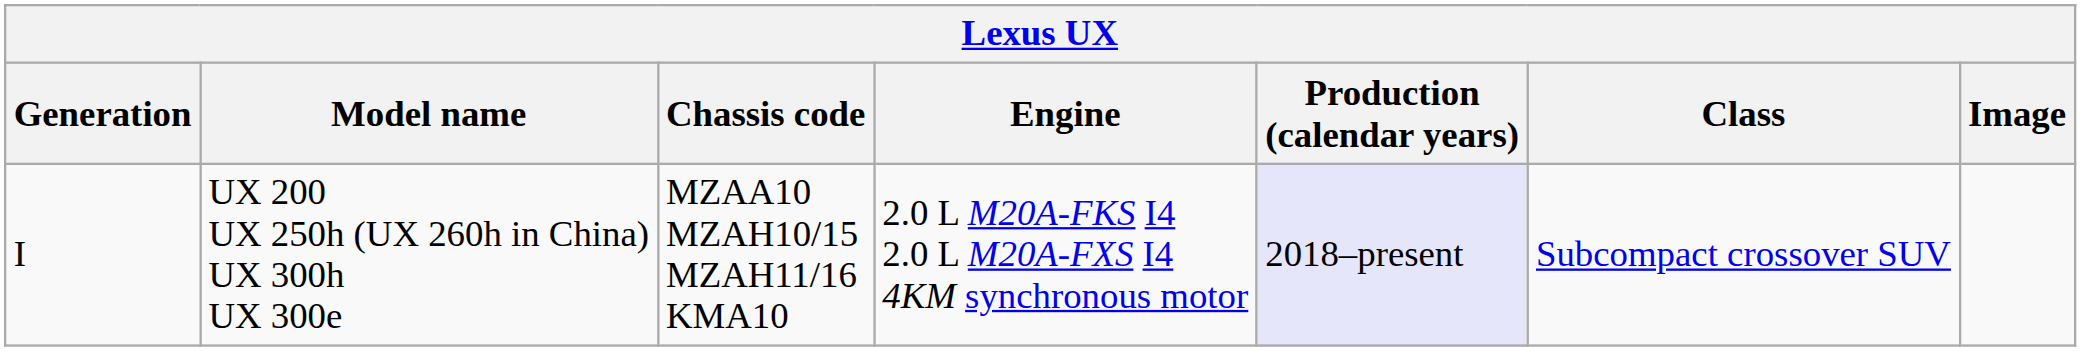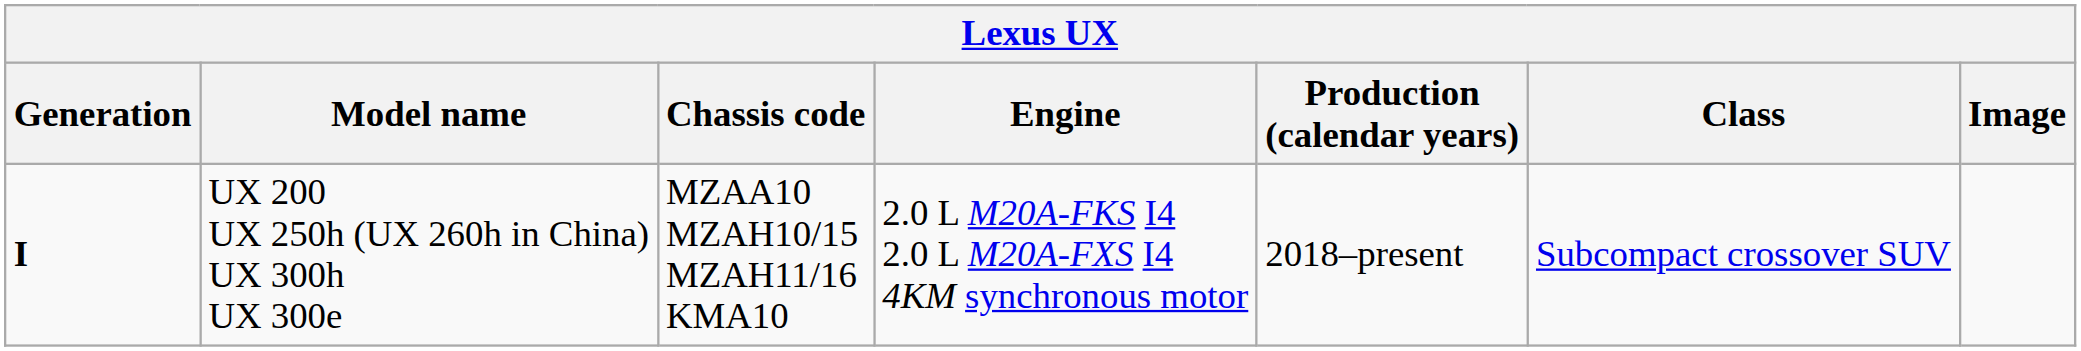 <table class="wikitable collapsible" style="font-size:97% style="width:90%; text-align:center">
 <tr>
 <th colspan=7 align=left><a href='#'>Lexus UX</a></th>
 </tr>
 <tr>
 <th>Generation</th>
 <th>Model name</th>
 <th>Chassis code</th>
 <th>Engine</th>
 <th>Production<br>(calendar years)</th>
 <th>Class</th>
 <th>Image</th>
 </tr>
 <tr>
-<td>I</td>
+<td><strong>I</strong></td>
 <td>UX 200<br>UX 250h (UX 260h in China)<br>UX 300h<br>UX 300e</td>
 <td>MZAA10<br>MZAH10/15<br>MZAH11/16<br>KMA10</td>
 <td>2.0 L <em><a href='#'>M20A-FKS</a></em> <a href='#'>I4</a><br>2.0 L <em><a href='#'>M20A-FXS</a></em> <a href='#'>I4</a><br><em>4KM</em> <a href='#'>synchronous motor</a></td>
-<td style="background: lavender;">2018–present</td>
+<td>2018–present</td>
 <td><a href='#'>Subcompact crossover SUV</a></td>
 <td></td>
 </tr>
 </table>
